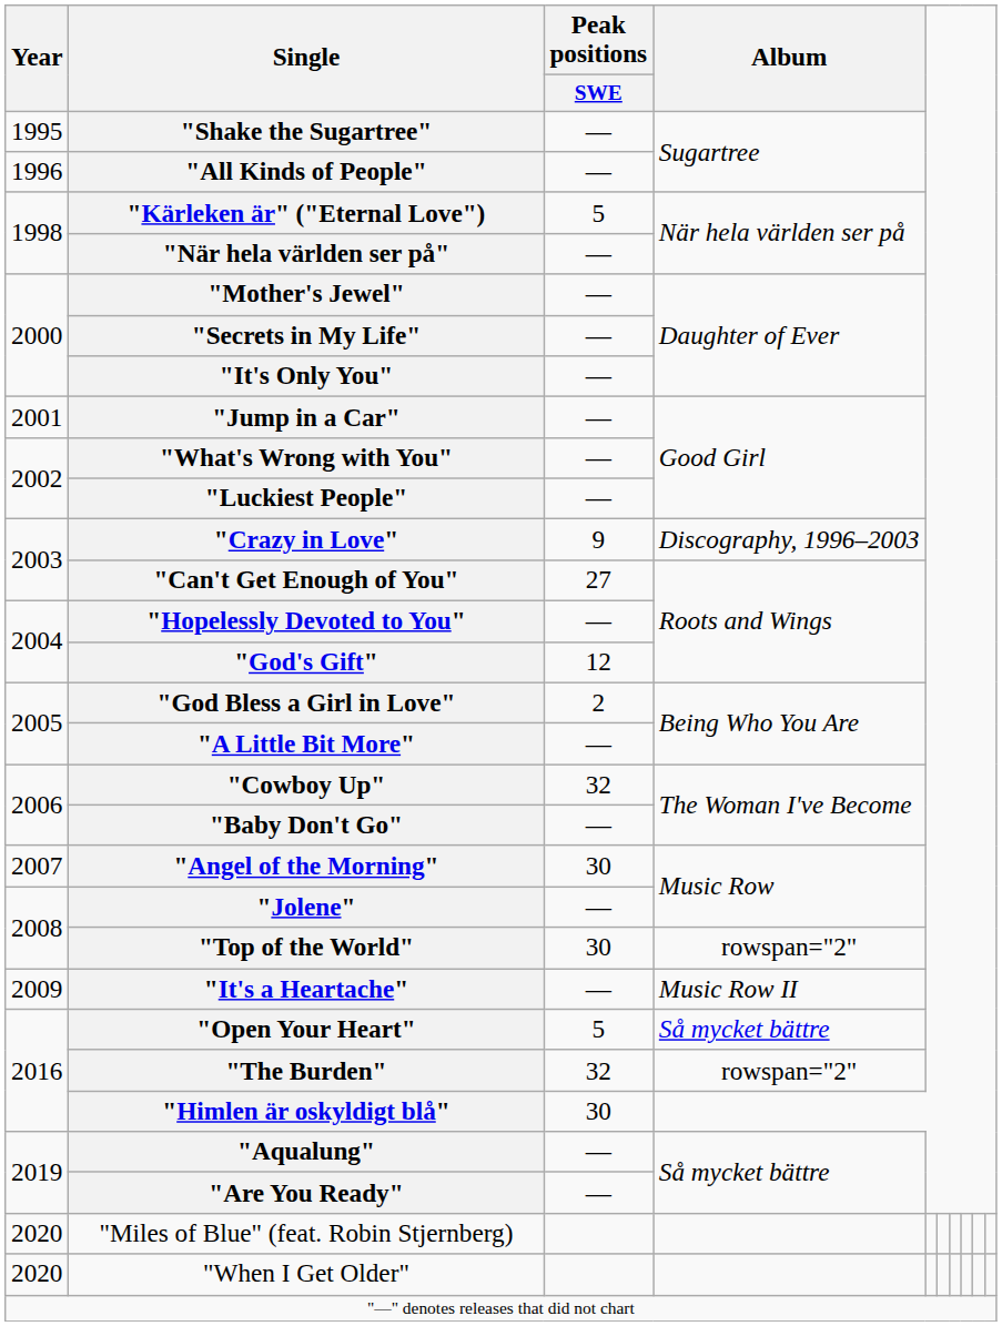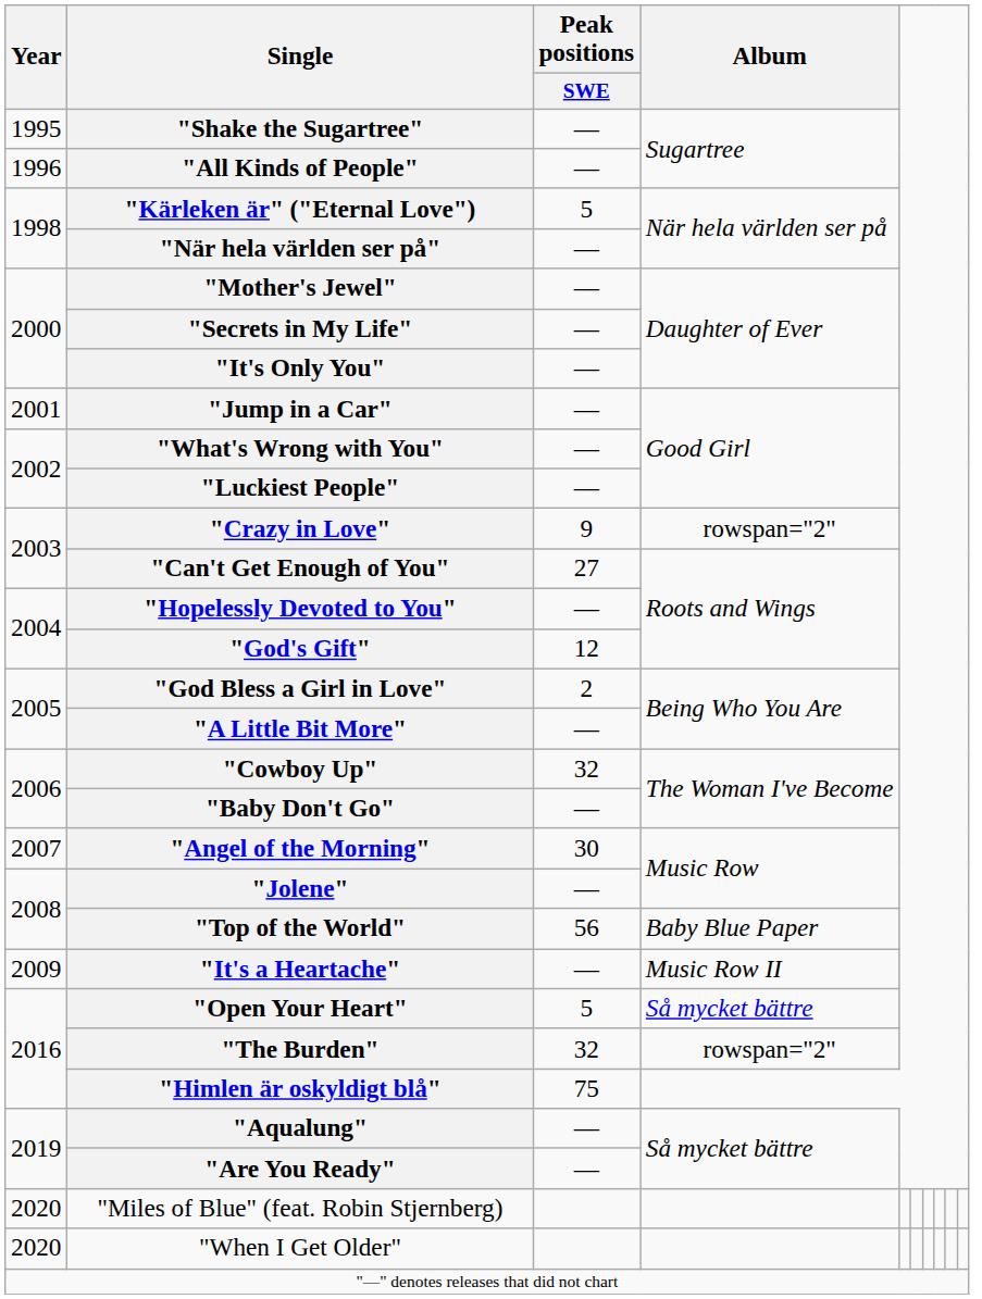 <table class="wikitable plainrowheaders" style="text-align:center;">
 <tr>
 <th rowspan="2">Year</th>
 <th rowspan="2" style="width:18em;">Single</th>
 <th colspan="1">Peak positions</th>
 <th rowspan="2">Album</th>
 </tr>
 <tr style="font-size:smaller;">
 <th width="40"><a href='#'>SWE</a><br></th>
 </tr>
 <tr>
 <td>1995</td>
 <th scope="row">"Shake the Sugartree"</th>
 <td>—</td>
 <td align="left" rowspan="2"><em>Sugartree</em></td>
 </tr>
 <tr>
 <td>1996</td>
 <th scope="row">"All Kinds of People"</th>
 <td>—</td>
 </tr>
 <tr>
 <td rowspan="2">1998</td>
 <th scope="row">"<a href='#'>Kärleken är</a>" ("Eternal Love")</th>
 <td>5</td>
 <td align="left" rowspan="2"><em>När hela världen ser på</em></td>
 </tr>
 <tr>
 <th scope="row">"När hela världen ser på"</th>
 <td>—</td>
 </tr>
 <tr>
 <td rowspan="3">2000</td>
 <th scope="row">"Mother's Jewel"</th>
 <td>—</td>
 <td align="left" rowspan="3"><em>Daughter of Ever</em></td>
 </tr>
 <tr>
 <th scope="row">"Secrets in My Life"</th>
 <td>—</td>
 </tr>
 <tr>
 <th scope="row">"It's Only You"</th>
 <td>—</td>
 </tr>
 <tr>
 <td>2001</td>
 <th scope="row">"Jump in a Car"</th>
 <td>—</td>
 <td align="left" rowspan="3"><em>Good Girl</em></td>
 </tr>
 <tr>
 <td rowspan="2">2002</td>
 <th scope="row">"What's Wrong with You"</th>
 <td>—</td>
 </tr>
 <tr>
 <th scope="row">"Luckiest People"</th>
 <td>—</td>
 </tr>
 <tr>
 <td rowspan="2">2003</td>
 <th scope="row">"<a href='#'>Crazy in Love</a>"</th>
 <td>9</td>
-<td align="left"><em>Discography, 1996–2003</em></td>
+<td>rowspan="2" </td>
 </tr>
 <tr>
 <th scope="row">"Can't Get Enough of You"</th>
 <td>27</td>
 <td align="left" rowspan="3"><em>Roots and Wings</em></td>
 </tr>
 <tr>
 <td rowspan="2">2004</td>
 <th scope="row">"<a href='#'>Hopelessly Devoted to You</a>"</th>
 <td>—</td>
 </tr>
 <tr>
 <th scope="row">"<a href='#'>God's Gift</a>"</th>
 <td>12</td>
 </tr>
 <tr>
 <td rowspan="2">2005</td>
 <th scope="row">"God Bless a Girl in Love"</th>
 <td>2</td>
 <td align="left" rowspan="2"><em>Being Who You Are</em></td>
 </tr>
 <tr>
 <th scope="row">"<a href='#'>A Little Bit More</a>"</th>
 <td>—</td>
 </tr>
 <tr>
 <td rowspan="2">2006</td>
 <th scope="row">"Cowboy Up"</th>
 <td>32</td>
 <td align="left" rowspan="2"><em>The Woman I've Become</em></td>
 </tr>
 <tr>
 <th scope="row">"Baby Don't Go"</th>
 <td>—</td>
 </tr>
 <tr>
 <td>2007</td>
 <th scope="row">"<a href='#'>Angel of the Morning</a>"</th>
 <td>30</td>
 <td align="left" rowspan="2"><em>Music Row</em></td>
 </tr>
 <tr>
 <td rowspan="2">2008</td>
 <th scope="row">"<a href='#'>Jolene</a>"</th>
 <td>—</td>
 </tr>
 <tr>
 <th scope="row">"Top of the World"</th>
-<td>30</td>
-<td>rowspan="2" </td>
+<td>56</td>
+<td align="left"><em>Baby Blue Paper</em></td>
 </tr>
 <tr>
 <td>2009</td>
 <th scope="row">"<a href='#'>It's a Heartache</a>"</th>
 <td>—</td>
 <td align="left"><em>Music Row II</em></td>
 </tr>
 <tr>
 <td rowspan="3">2016</td>
 <th scope="row">"Open Your Heart"</th>
 <td>5</td>
 <td align="left"><em><a href='#'>Så mycket bättre</a></em></td>
 </tr>
 <tr>
 <th scope="row">"The Burden"</th>
 <td>32</td>
 <td>rowspan="2" </td>
 </tr>
 <tr>
 <th scope="row">"<a href='#'>Himlen är oskyldigt blå</a>"</th>
-<td>30</td>
+<td>75<br></td>
 </tr>
 <tr>
 <td rowspan="2">2019</td>
 <th scope="row">"Aqualung"</th>
 <td>—</td>
 <td align="left" rowspan="2"><em>Så mycket bättre</em></td>
 </tr>
 <tr>
 <th scope="row">"Are You Ready"</th>
 <td>—</td>
 </tr>
 <tr>
 <td>2020</td>
 <td>"Miles of Blue" (feat. Robin Stjernberg)</td>
 <td></td>
 <td></td>
 <td></td>
 <td></td>
 <td></td>
 <td></td>
 <td></td>
 <td></td>
 </tr>
 <tr>
 <td>2020</td>
 <td>"When I Get Older"</td>
 <td></td>
 <td></td>
 <td></td>
 <td></td>
 <td></td>
 <td></td>
 <td></td>
 <td></td>
 </tr>
 <tr>
 <td colspan="10" style="font-size:8pt">"—" denotes releases that did not chart</td>
 </tr>
 </table>
